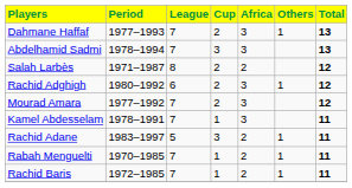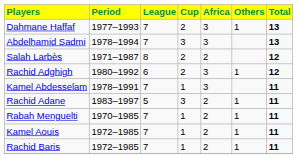 <table class="wikitable" style="font-size:95%;">
 <tr style="color:#009040; background:#FFFF00; align:center;">
 <td><strong>Players</strong></td>
 <td><strong>Period</strong></td>
 <td><strong>League</strong></td>
 <td><strong>Cup</strong></td>
 <td><strong>Africa</strong></td>
 <td><strong>Others</strong></td>
 <td><strong>Total</strong></td>
 </tr>
 <tr ---->
 <td> <a href='#'>Dahmane Haffaf</a></td>
 <td>1977–1993</td>
 <td>7</td>
 <td>2</td>
 <td>3</td>
 <td>1</td>
 <td><strong>13</strong></td>
 </tr>
 <tr ---->
 <td> <a href='#'>Abdelhamid Sadmi</a></td>
 <td>1978–1994</td>
 <td>7</td>
 <td>3</td>
 <td>3</td>
 <td></td>
 <td><strong>13</strong></td>
 </tr>
 <tr ---->
 <td> <a href='#'>Salah Larbès</a></td>
 <td>1971–1987</td>
 <td>8</td>
 <td>2</td>
 <td>2</td>
 <td></td>
 <td><strong>12</strong></td>
 </tr>
 <tr ---->
 <td> <a href='#'>Rachid Adghigh</a></td>
 <td>1980–1992</td>
 <td>6</td>
 <td>2</td>
 <td>3</td>
 <td>1</td>
 <td><strong>12</strong></td>
 </tr>
 <tr ---->
-<td> <a href='#'>Mourad Amara</a></td>
-<td>1977–1992</td>
-<td>7</td>
-<td>2</td>
-<td>3</td>
-<td></td>
-<td><strong>12</strong></td>
-</tr>
-<tr ---->
 <td> <a href='#'>Kamel Abdesselam</a></td>
 <td>1978–1991</td>
 <td>7</td>
 <td>1</td>
 <td>3</td>
 <td></td>
 <td><strong>11</strong></td>
 </tr>
 <tr ---->
 <td> <a href='#'>Rachid Adane</a></td>
 <td>1983–1997</td>
 <td>5</td>
 <td>3</td>
 <td>2</td>
 <td>1</td>
 <td><strong>11</strong></td>
 </tr>
 <tr ---->
 <td> <a href='#'>Rabah Menguelti</a></td>
 <td>1970–1985</td>
 <td>7</td>
 <td>1</td>
 <td>2</td>
 <td>1</td>
 <td><strong>11</strong></td>
 </tr>
 <tr ---->
+<td> <a href='#'>Kamel Aouis</a></td>
+<td>1972–1985</td>
+<td>7</td>
+<td>1</td>
+<td>2</td>
+<td>1</td>
+<td><strong>11</strong></td>
+</tr>
+<tr ---->
 <td> <a href='#'>Rachid Baris</a></td>
 <td>1972–1985</td>
 <td>7</td>
 <td>1</td>
 <td>2</td>
 <td>1</td>
 <td><strong>11</strong></td>
 </tr>
 <tr ---->
 </tr>
 </table>
